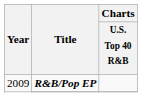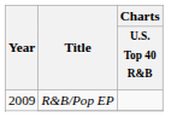 <table class="wikitable">
 <tr>
 <th rowspan="2">Year</th>
 <th rowspan="2">Title</th>
 <th colspan="2">Charts</th>
 </tr>
 <tr>
 <th width="25"><sup>U.S. Top 40 R&B</sup></th>
 </tr>
 <tr>
 <td rowspan="2" align="center">2009</td>
-<td><strong><em>R&B/Pop EP</em></strong></td>
+<td><em>R&B/Pop EP</em></td>
 <td></td>
 </tr>
 <tr>
 </tr>
 </table>
